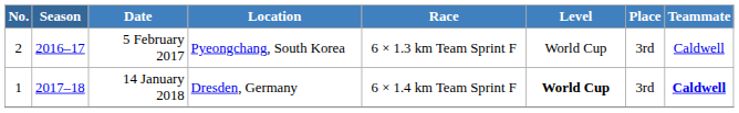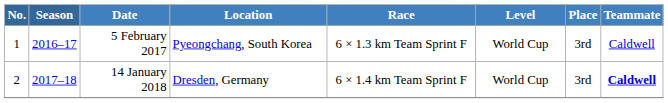 <table class="wikitable sortable" style="font-size:95%; text-align:center; border:grey solid 1px; border-collapse:collapse; background:#ffffff;">
 <tr style="background:#efefef;">
 <th style="background-color:#369; color:white;">No.</th>
 <th style="background-color:#369; color:white;">Season</th>
 <th style="background-color:#4180be; color:white; width:100px;">Date</th>
 <th style="background-color:#4180be; color:white; width:180px;">Location</th>
 <th style="background-color:#4180be; color:white; width:170px;">Race</th>
 <th style="background-color:#4180be; color:white; width:100px;">Level</th>
 <th style="background-color:#4180be; color:white;">Place</th>
 <th style="background-color:#4180be; color:white;">Teammate</th>
 </tr>
 <tr>
-<td align=center>2</td>
+<td align=center>1</td>
 <td rowspan=1 align=center><a href='#'>2016–17</a></td>
 <td align=right>5 February 2017</td>
 <td align=left> <a href='#'>Pyeongchang</a>, South Korea</td>
 <td>6 × 1.3 km Team Sprint F</td>
 <td>World Cup</td>
 <td>3rd</td>
 <td><a href='#'>Caldwell</a></td>
 </tr>
 <tr>
-<td align=center>1</td>
+<td align=center>2</td>
 <td rowspan=1 align=center><a href='#'>2017–18</a></td>
 <td align=right>14 January 2018</td>
 <td align=left> <a href='#'>Dresden</a>, Germany</td>
 <td>6 × 1.4 km Team Sprint F</td>
-<td><strong>World Cup</strong></td>
+<td>World Cup</td>
 <td>3rd</td>
 <td><strong><a href='#'>Caldwell</a></strong></td>
 </tr>
 <tr>
 </tr>
 </table>
